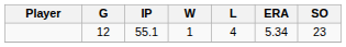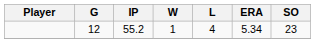 <table class="wikitable sortable">
 <tr>
 <th bgcolor="#DDDDFF" width="16%">Player</th>
 <th bgcolor="#DDDDFF" width="9%">G</th>
 <th bgcolor="#DDDDFF" width="9%">IP</th>
 <th bgcolor="#DDDDFF" width="9%">W</th>
 <th bgcolor="#DDDDFF" width="9%">L</th>
 <th bgcolor="#DDDDFF" width="9%">ERA</th>
 <th bgcolor="#DDDDFF" width="9%">SO</th>
 </tr>
 <tr align="center">
 <td></td>
 <td>12</td>
-<td>55.1</td>
+<td>55.2</td>
 <td>1</td>
 <td>4</td>
 <td>5.34</td>
 <td>23</td>
 </tr>
 <tr align="center">
 </tr>
 </table>
